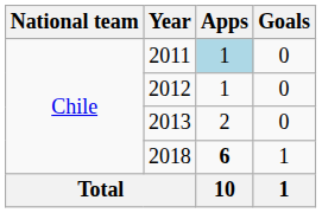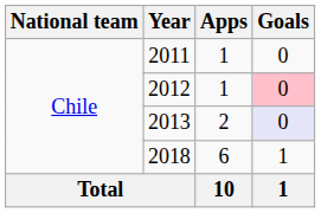 <table class="wikitable" style="text-align:center">
 <tr>
 <th>National team</th>
 <th>Year</th>
 <th>Apps</th>
 <th>Goals</th>
 </tr>
 <tr>
 <td rowspan="4"><a href='#'>Chile</a></td>
 <td>2011</td>
-<td style="background: lightblue;">1</td>
+<td>1</td>
 <td>0</td>
 </tr>
 <tr>
 <td>2012</td>
 <td>1</td>
-<td>0</td>
+<td style="background: pink;">0</td>
 </tr>
 <tr>
 <td>2013</td>
 <td>2</td>
-<td>0</td>
+<td style="background: lavender;">0</td>
 </tr>
 <tr>
 <td>2018</td>
-<td><strong>6</strong></td>
+<td>6</td>
 <td>1</td>
 </tr>
 <tr>
 <th colspan="2">Total</th>
 <th>10</th>
 <th>1</th>
 </tr>
 </table>
